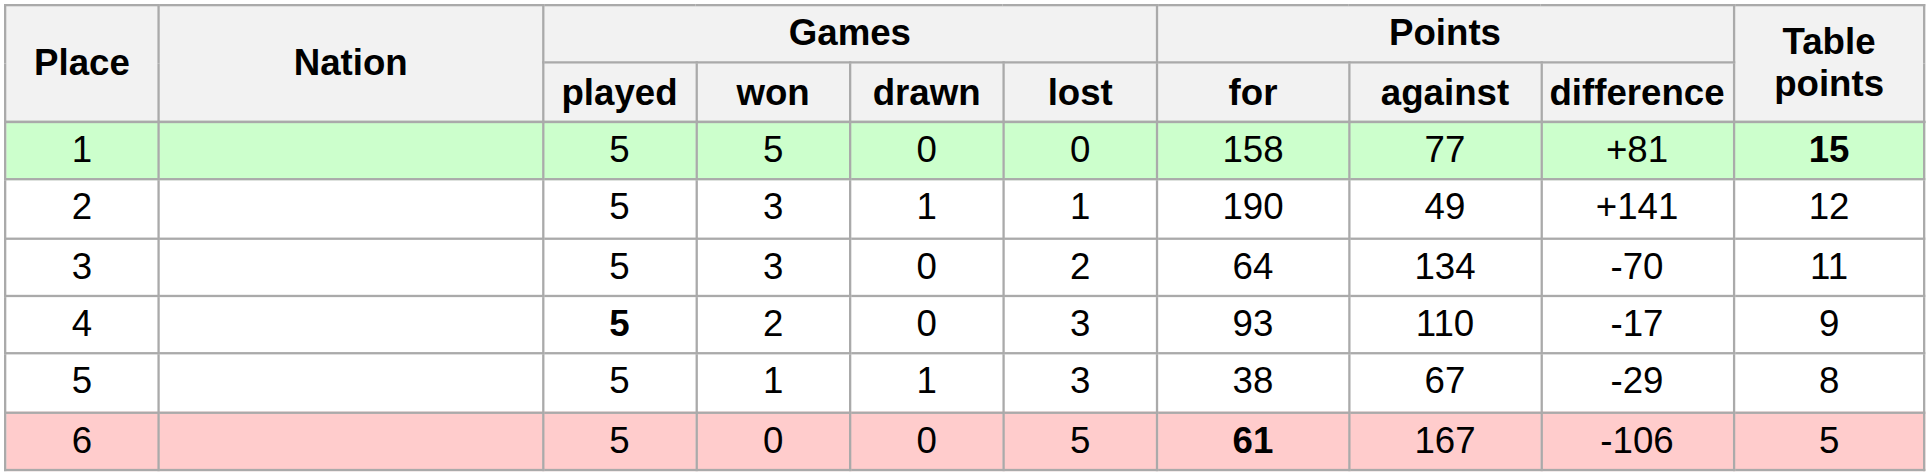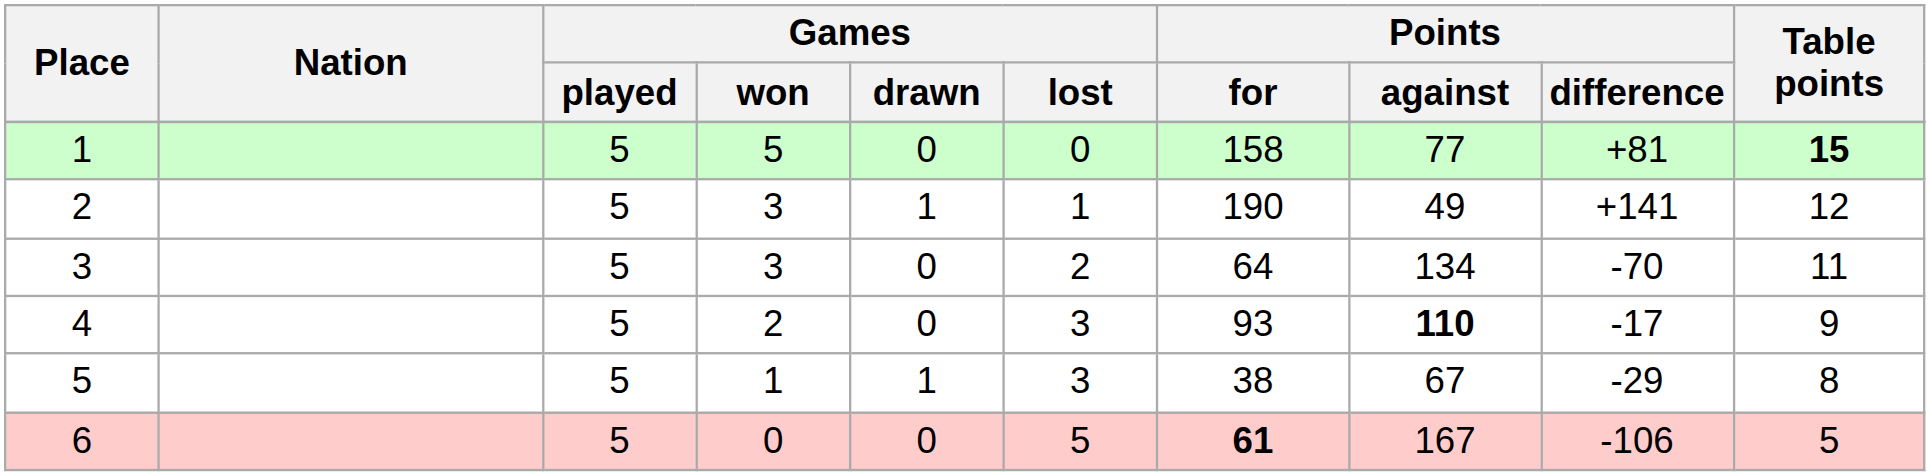 <table class="wikitable">
 <tr>
 <th rowspan=2 width="8%">Place</th>
 <th rowspan=2 width="20%">Nation</th>
 <th colspan=4 width="32%">Games</th>
 <th colspan=3 width="30%">Points</th>
 <th rowspan=2 width="10%">Table<br>points</th>
 </tr>
 <tr>
 <th width="8%">played</th>
 <th width="8%">won</th>
 <th width="8%">drawn</th>
 <th width="8%">lost</th>
 <th width="10%">for</th>
 <th width="10%">against</th>
 <th width="10%">difference</th>
 </tr>
 <tr>
 </tr>
 <tr bgcolor=#ccffcc align=center>
 <td>1</td>
 <td align=left><strong></strong></td>
 <td>5</td>
 <td>5</td>
 <td>0</td>
 <td>0</td>
 <td>158</td>
 <td>77</td>
 <td>+81</td>
 <td><strong>15</strong></td>
 </tr>
 <tr bgcolor=#ffffff align=center>
 <td>2</td>
 <td align=left></td>
 <td>5</td>
 <td>3</td>
 <td>1</td>
 <td>1</td>
 <td>190</td>
 <td>49</td>
 <td>+141</td>
 <td>12</td>
 </tr>
 <tr bgcolor=#ffffff align=center>
 <td>3</td>
 <td align=left></td>
 <td>5</td>
 <td>3</td>
 <td>0</td>
 <td>2</td>
 <td>64</td>
 <td>134</td>
 <td>-70</td>
 <td>11</td>
 </tr>
 <tr bgcolor=#ffffff align=center>
 <td>4</td>
 <td align=left></td>
-<td><strong>5</strong></td>
+<td>5</td>
 <td>2</td>
 <td>0</td>
 <td>3</td>
 <td>93</td>
-<td>110</td>
+<td><strong>110</strong></td>
 <td>-17</td>
 <td>9</td>
 </tr>
 <tr bgcolor=#ffffff align=center>
 <td>5</td>
 <td align=left></td>
 <td>5</td>
 <td>1</td>
 <td>1</td>
 <td>3</td>
 <td>38</td>
 <td>67</td>
 <td>-29</td>
 <td>8</td>
 </tr>
 <tr bgcolor=#ffcccc align=center>
 <td>6</td>
 <td align=left><em></em></td>
 <td>5</td>
 <td>0</td>
 <td>0</td>
 <td>5</td>
 <td><strong>61</strong></td>
 <td>167</td>
 <td>-106</td>
 <td>5</td>
 </tr>
 </table>
